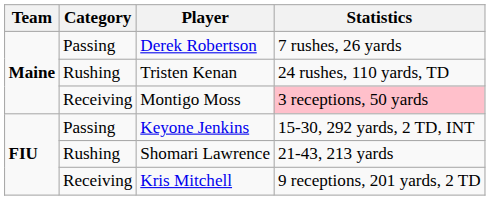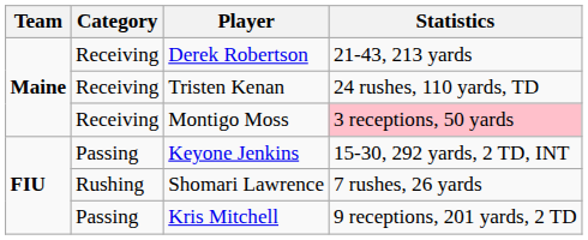 <table class="wikitable" style="float: left;">
 <tr>
 <th>Team</th>
 <th>Category</th>
 <th>Player</th>
 <th>Statistics</th>
 </tr>
 <tr>
 <td rowspan=3><strong>Maine</strong></td>
-<td>Passing</td>
+<td>Receiving</td>
 <td><a href='#'>Derek Robertson</a></td>
-<td>7 rushes, 26 yards</td>
+<td>21-43, 213 yards</td>
 </tr>
 <tr>
-<td>Rushing</td>
+<td>Receiving</td>
 <td>Tristen Kenan</td>
 <td>24 rushes, 110 yards, TD</td>
 </tr>
 <tr>
 <td>Receiving</td>
 <td>Montigo Moss</td>
 <td style="background: pink;">3 receptions, 50 yards</td>
 </tr>
 <tr>
 <td rowspan=3><strong>FIU</strong></td>
 <td>Passing</td>
 <td><a href='#'>Keyone Jenkins</a></td>
 <td>15-30, 292 yards, 2 TD, INT</td>
 </tr>
 <tr>
 <td>Rushing</td>
 <td>Shomari Lawrence</td>
-<td>21-43, 213 yards</td>
+<td>7 rushes, 26 yards</td>
 </tr>
 <tr>
-<td>Receiving</td>
+<td>Passing</td>
 <td><a href='#'>Kris Mitchell</a></td>
 <td>9 receptions, 201 yards, 2 TD</td>
 </tr>
 </table>
